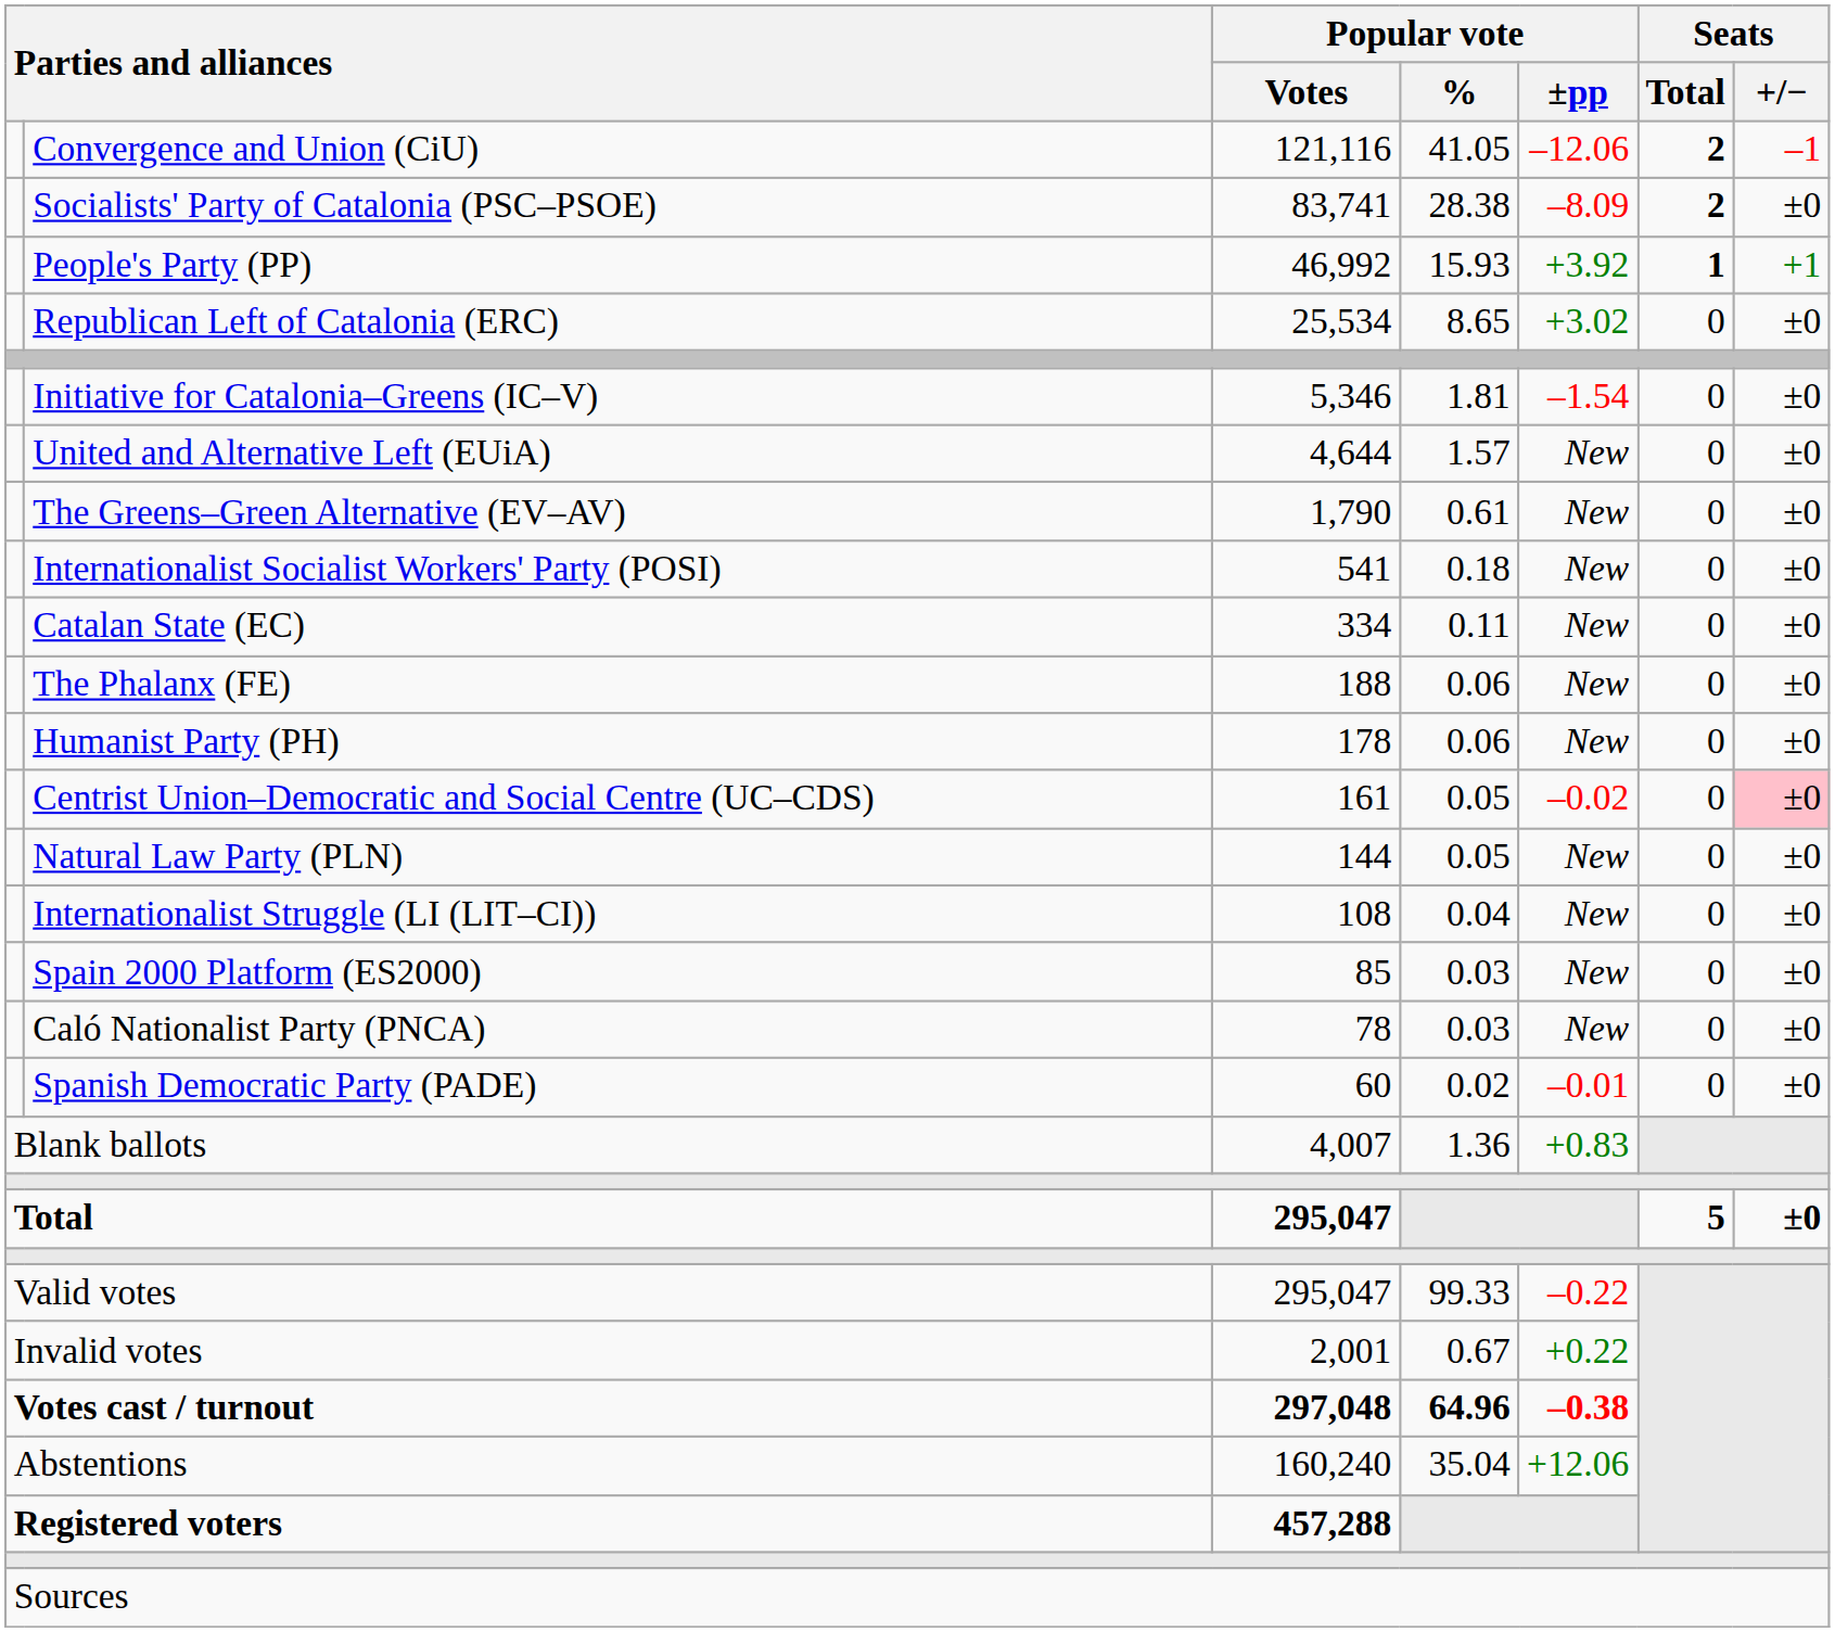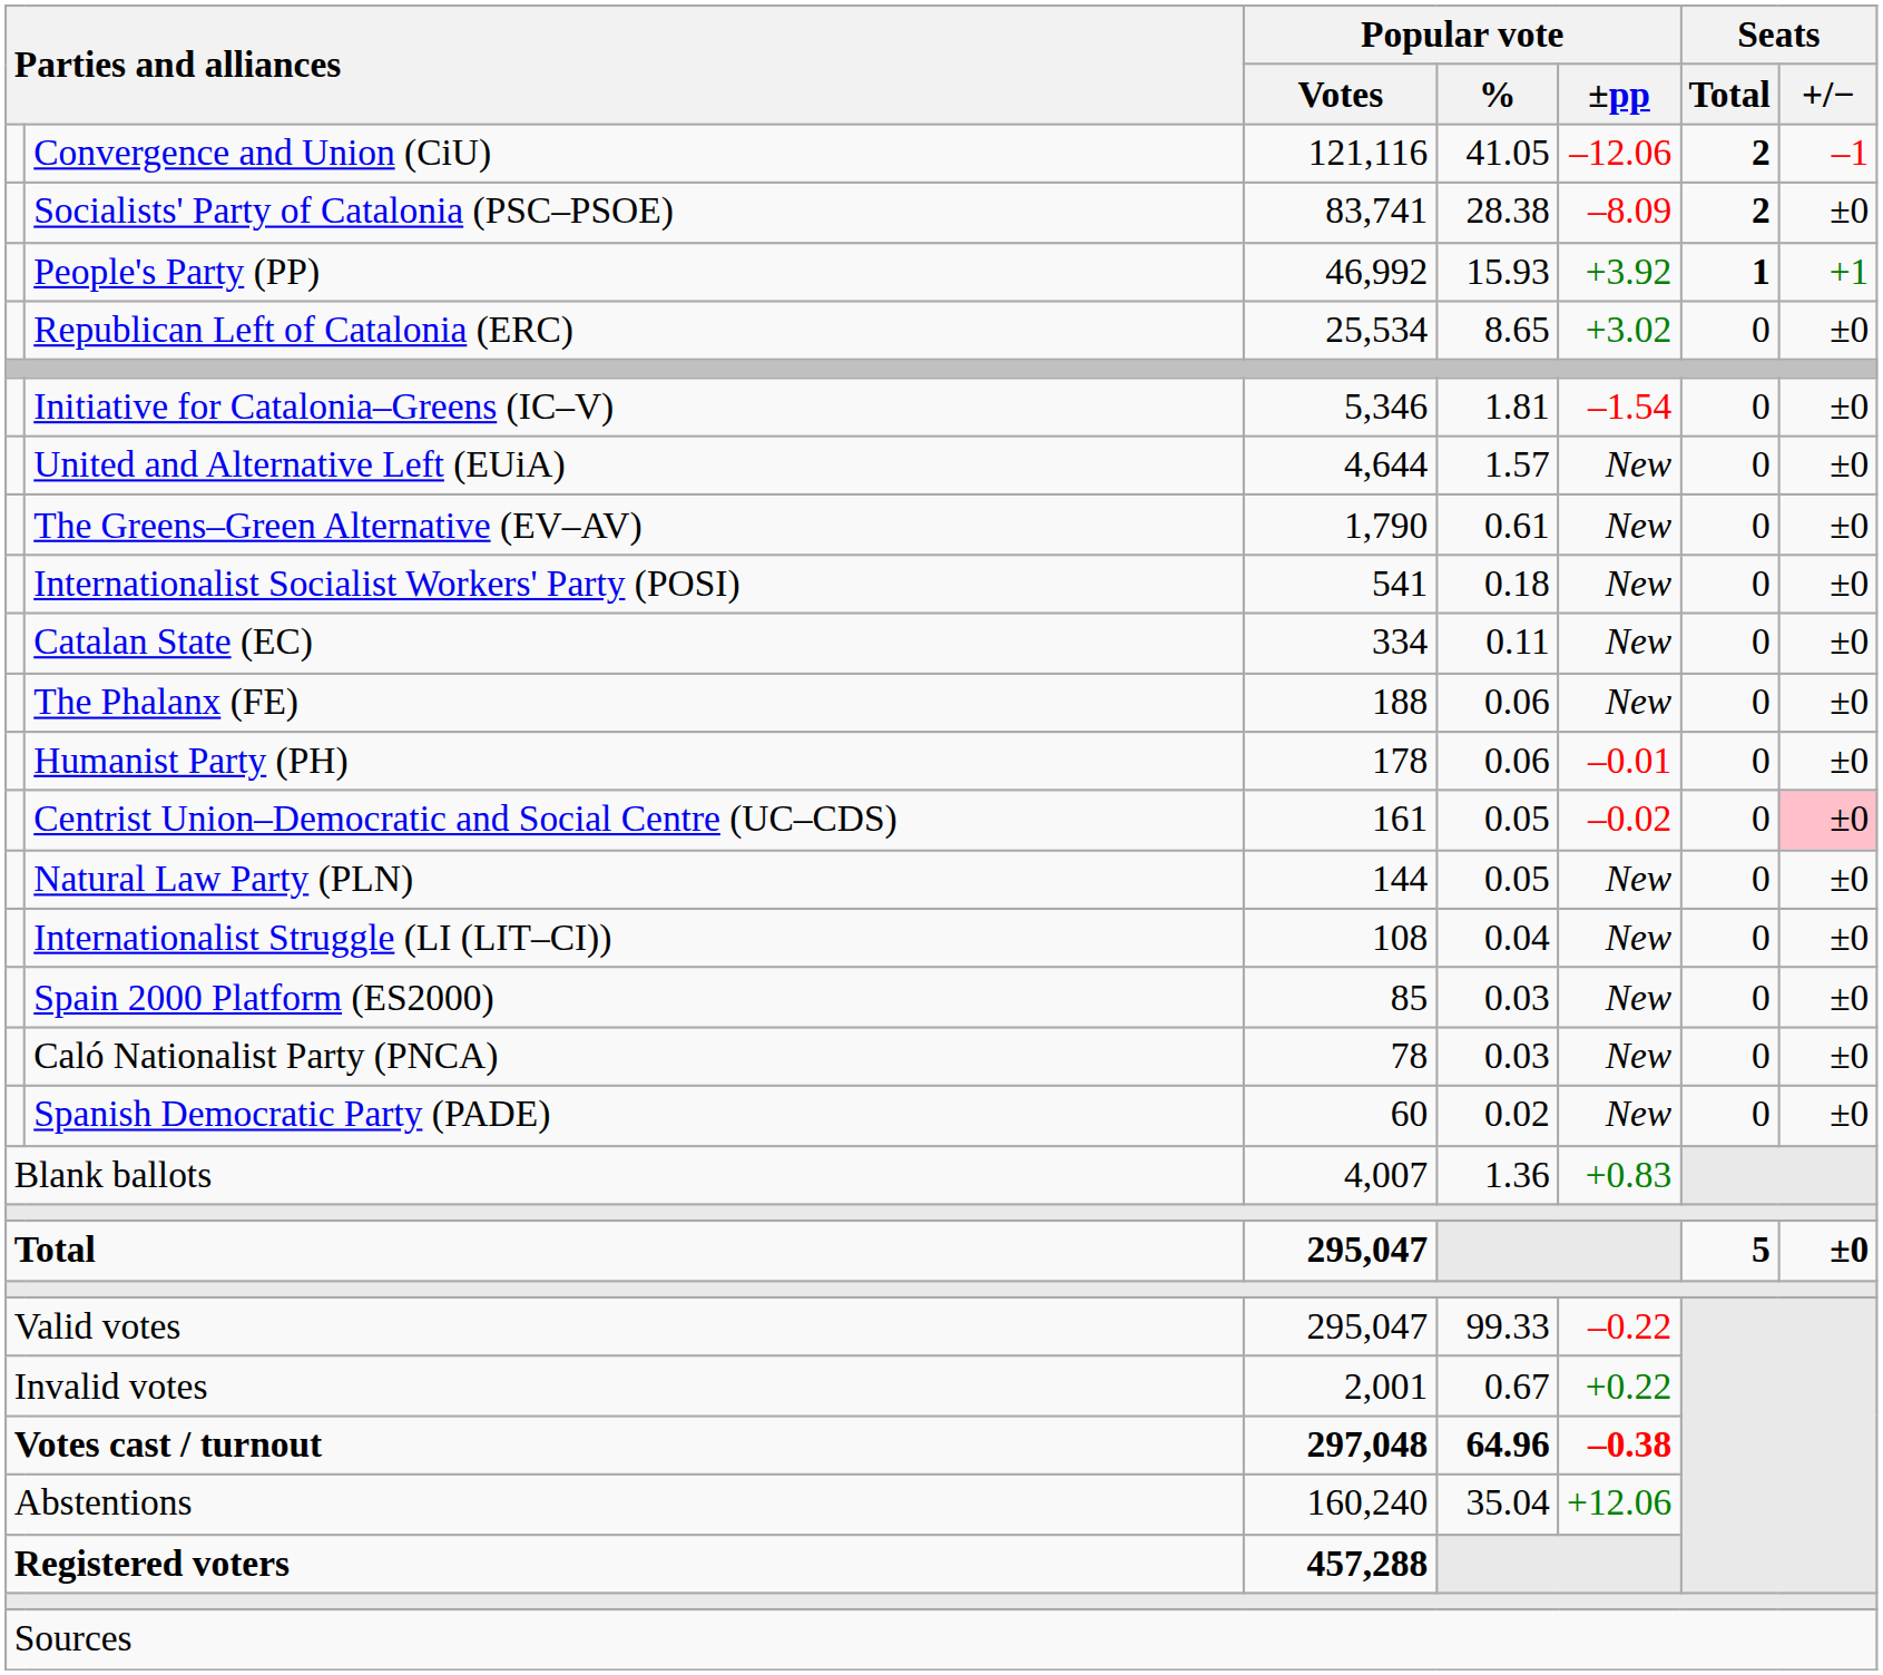 <table class="wikitable" style="text-align:right;">
 <tr>
 <th style="text-align:left;" rowspan="2" colspan="2" width="525">Parties and alliances</th>
 <th colspan="3">Popular vote</th>
 <th colspan="2">Seats</th>
 </tr>
 <tr>
 <th width="75">Votes</th>
 <th width="45">%</th>
 <th width="45">±<a href='#'>pp</a></th>
 <th width="35">Total</th>
 <th width="35">+/−</th>
 </tr>
 <tr>
 <td width="1" style="color:inherit;background:"></td>
 <td align="left"><a href='#'>Convergence and Union</a> (CiU)</td>
 <td>121,116</td>
 <td>41.05</td>
 <td style="color:red;">–12.06</td>
 <td><strong>2</strong></td>
 <td style="color:red;">–1</td>
 </tr>
 <tr>
 <td style="color:inherit;background:"></td>
 <td align="left"><a href='#'>Socialists' Party of Catalonia</a> (PSC–PSOE)</td>
 <td>83,741</td>
 <td>28.38</td>
 <td style="color:red;">–8.09</td>
 <td><strong>2</strong></td>
 <td>±0</td>
 </tr>
 <tr>
 <td style="color:inherit;background:"></td>
 <td align="left"><a href='#'>People's Party</a> (PP)</td>
 <td>46,992</td>
 <td>15.93</td>
 <td style="color:green;">+3.92</td>
 <td><strong>1</strong></td>
 <td style="color:green;">+1</td>
 </tr>
 <tr>
 <td style="color:inherit;background:"></td>
 <td align="left"><a href='#'>Republican Left of Catalonia</a> (ERC)</td>
 <td>25,534</td>
 <td>8.65</td>
 <td style="color:green;">+3.02</td>
 <td>0</td>
 <td>±0</td>
 </tr>
 <tr>
 <td colspan="7" bgcolor="#C0C0C0"></td>
 </tr>
 <tr>
 <td style="color:inherit;background:"></td>
 <td align="left"><a href='#'>Initiative for Catalonia–Greens</a> (IC–V)</td>
 <td>5,346</td>
 <td>1.81</td>
 <td style="color:red;">–1.54</td>
 <td>0</td>
 <td>±0</td>
 </tr>
 <tr>
 <td style="color:inherit;background:"></td>
 <td align="left"><a href='#'>United and Alternative Left</a> (EUiA)</td>
 <td>4,644</td>
 <td>1.57</td>
 <td><em>New</em></td>
 <td>0</td>
 <td>±0</td>
 </tr>
 <tr>
 <td style="color:inherit;background:"></td>
 <td align="left"><a href='#'>The Greens–Green Alternative</a> (EV–AV)</td>
 <td>1,790</td>
 <td>0.61</td>
 <td><em>New</em></td>
 <td>0</td>
 <td>±0</td>
 </tr>
 <tr>
 <td style="color:inherit;background:"></td>
 <td align="left"><a href='#'>Internationalist Socialist Workers' Party</a> (POSI)</td>
 <td>541</td>
 <td>0.18</td>
 <td><em>New</em></td>
 <td>0</td>
 <td>±0</td>
 </tr>
 <tr>
 <td style="color:inherit;background:"></td>
 <td align="left"><a href='#'>Catalan State</a> (EC)</td>
 <td>334</td>
 <td>0.11</td>
 <td><em>New</em></td>
 <td>0</td>
 <td>±0</td>
 </tr>
 <tr>
 <td style="color:inherit;background:"></td>
 <td align="left"><a href='#'>The Phalanx</a> (FE)</td>
 <td>188</td>
 <td>0.06</td>
 <td><em>New</em></td>
 <td>0</td>
 <td>±0</td>
 </tr>
 <tr>
 <td style="color:inherit;background:"></td>
 <td align="left"><a href='#'>Humanist Party</a> (PH)</td>
 <td>178</td>
 <td>0.06</td>
-<td><em>New</em></td>
+<td style="color:red;">–0.01</td>
 <td>0</td>
 <td>±0</td>
 </tr>
 <tr>
 <td style="color:inherit;background:"></td>
 <td align="left"><a href='#'>Centrist Union–Democratic and Social Centre</a> (UC–CDS)</td>
 <td>161</td>
 <td>0.05</td>
 <td style="color:red;">–0.02</td>
 <td>0</td>
 <td style="background: pink;">±0</td>
 </tr>
 <tr>
 <td style="color:inherit;background:"></td>
 <td align="left"><a href='#'>Natural Law Party</a> (PLN)</td>
 <td>144</td>
 <td>0.05</td>
 <td><em>New</em></td>
 <td>0</td>
 <td>±0</td>
 </tr>
 <tr>
 <td style="color:inherit;background:"></td>
 <td align="left"><a href='#'>Internationalist Struggle</a> (LI (LIT–CI))</td>
 <td>108</td>
 <td>0.04</td>
 <td><em>New</em></td>
 <td>0</td>
 <td>±0</td>
 </tr>
 <tr>
 <td style="color:inherit;background:"></td>
 <td align="left"><a href='#'>Spain 2000 Platform</a> (ES2000)</td>
 <td>85</td>
 <td>0.03</td>
 <td><em>New</em></td>
 <td>0</td>
 <td>±0</td>
 </tr>
 <tr>
 <td style="color:inherit;background:"></td>
 <td align="left">Caló Nationalist Party (PNCA)</td>
 <td>78</td>
 <td>0.03</td>
 <td><em>New</em></td>
 <td>0</td>
 <td>±0</td>
 </tr>
 <tr>
 <td style="color:inherit;background:"></td>
 <td align="left"><a href='#'>Spanish Democratic Party</a> (PADE)</td>
 <td>60</td>
 <td>0.02</td>
-<td style="color:red;">–0.01</td>
+<td><em>New</em></td>
 <td>0</td>
 <td>±0</td>
 </tr>
 <tr>
 <td align="left" colspan="2">Blank ballots</td>
 <td>4,007</td>
 <td>1.36</td>
 <td style="color:green;">+0.83</td>
 <td bgcolor="#E9E9E9" colspan="2"></td>
 </tr>
 <tr>
 <td colspan="7" bgcolor="#E9E9E9"></td>
 </tr>
 <tr style="font-weight:bold;">
 <td align="left" colspan="2">Total</td>
 <td>295,047</td>
 <td bgcolor="#E9E9E9" colspan="2"></td>
 <td>5</td>
 <td>±0</td>
 </tr>
 <tr>
 <td colspan="7" bgcolor="#E9E9E9"></td>
 </tr>
 <tr>
 <td align="left" colspan="2">Valid votes</td>
 <td>295,047</td>
 <td>99.33</td>
 <td style="color:red;">–0.22</td>
 <td bgcolor="#E9E9E9" colspan="2" rowspan="5"></td>
 </tr>
 <tr>
 <td align="left" colspan="2">Invalid votes</td>
 <td>2,001</td>
 <td>0.67</td>
 <td style="color:green;">+0.22</td>
 </tr>
 <tr style="font-weight:bold;">
 <td align="left" colspan="2">Votes cast / turnout</td>
 <td>297,048</td>
 <td>64.96</td>
 <td style="color:red;">–0.38</td>
 </tr>
 <tr>
 <td align="left" colspan="2">Abstentions</td>
 <td>160,240</td>
 <td>35.04</td>
 <td style="color:green;">+12.06</td>
 </tr>
 <tr style="font-weight:bold;">
 <td align="left" colspan="2">Registered voters</td>
 <td>457,288</td>
 <td bgcolor="#E9E9E9" colspan="2"></td>
 </tr>
 <tr>
 <td colspan="7" bgcolor="#E9E9E9"></td>
 </tr>
 <tr>
 <td align="left" colspan="7">Sources</td>
 </tr>
 </table>
